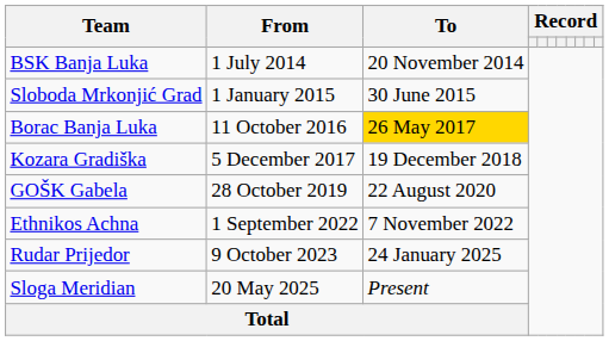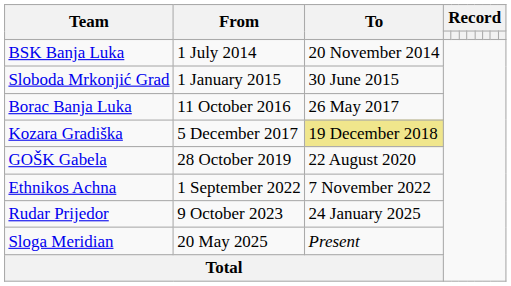 <table class="wikitable" style="text-align: center">
 <tr>
 <th rowspan="2">Team</th>
 <th rowspan="2">From</th>
 <th rowspan="2">To</th>
 <th colspan="8">Record</th>
 </tr>
 <tr>
 <th></th>
 <th></th>
 <th></th>
 <th></th>
 <th></th>
 <th></th>
 <th></th>
 <th></th>
 </tr>
 <tr>
 <td align="left"><a href='#'>BSK Banja Luka</a></td>
 <td align="left">1 July 2014</td>
 <td align="left">20 November 2014<br></td>
 </tr>
 <tr>
 <td align="left"><a href='#'>Sloboda Mrkonjić Grad</a></td>
 <td align="left">1 January 2015</td>
 <td align="left">30 June 2015<br></td>
 </tr>
 <tr>
 <td align="left"><a href='#'>Borac Banja Luka</a></td>
 <td align="left">11 October 2016</td>
-<td align="left" style="background: gold;">26 May 2017<br></td>
+<td align="left">26 May 2017<br></td>
 </tr>
 <tr>
 <td align="left"><a href='#'>Kozara Gradiška</a></td>
 <td align="left">5 December 2017</td>
-<td align="left">19 December 2018<br></td>
+<td align="left" style="background: khaki;">19 December 2018<br></td>
 </tr>
 <tr>
 <td align="left"><a href='#'>GOŠK Gabela</a></td>
 <td align="left">28 October 2019</td>
 <td align="left">22 August 2020<br></td>
 </tr>
 <tr>
 <td align="left"><a href='#'>Ethnikos Achna</a></td>
 <td align="left">1 September 2022</td>
 <td align="left">7 November 2022<br></td>
 </tr>
 <tr>
 <td align="left"><a href='#'>Rudar Prijedor</a></td>
 <td align="left">9 October 2023</td>
 <td align="left">24 January 2025<br></td>
 </tr>
 <tr>
 <td align="left"><a href='#'>Sloga Meridian</a></td>
 <td align="left">20 May 2025</td>
 <td align="left"><em>Present</em><br></td>
 </tr>
 <tr>
 <th colspan="3">Total<br></th>
 </tr>
 </table>
